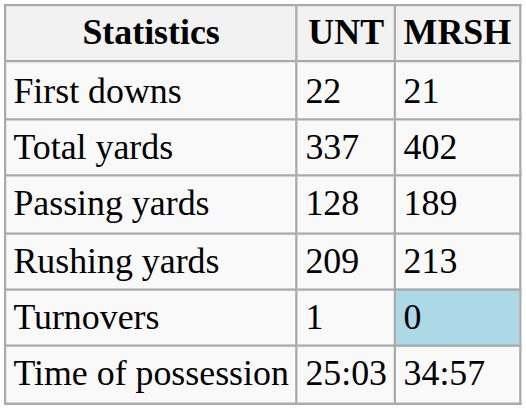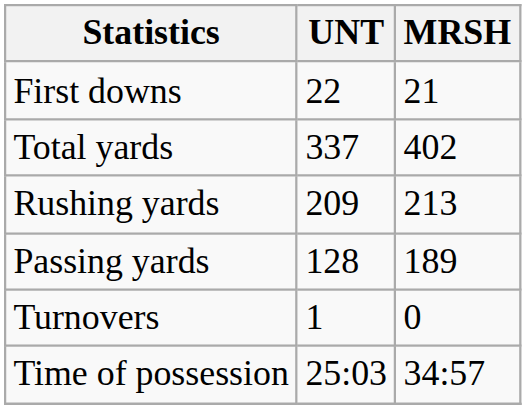 <table class="wikitable">
 <tr>
 <th>Statistics</th>
 <th>UNT</th>
 <th>MRSH</th>
 </tr>
 <tr>
 <td>First downs</td>
 <td>22</td>
 <td>21</td>
 </tr>
 <tr>
 <td>Total yards</td>
 <td>337</td>
 <td>402</td>
 </tr>
 <tr>
+<td>Rushing yards</td>
+<td>209</td>
+<td>213</td>
+</tr>
+<tr>
 <td>Passing yards</td>
 <td>128</td>
 <td>189</td>
 </tr>
 <tr>
-<td>Rushing yards</td>
-<td>209</td>
-<td>213</td>
-</tr>
-<tr>
 <td>Turnovers</td>
 <td>1</td>
-<td style="background: lightblue;">0</td>
+<td>0</td>
 </tr>
 <tr>
 <td>Time of possession</td>
 <td>25:03</td>
 <td>34:57</td>
 </tr>
 <tr>
 </tr>
 </table>
